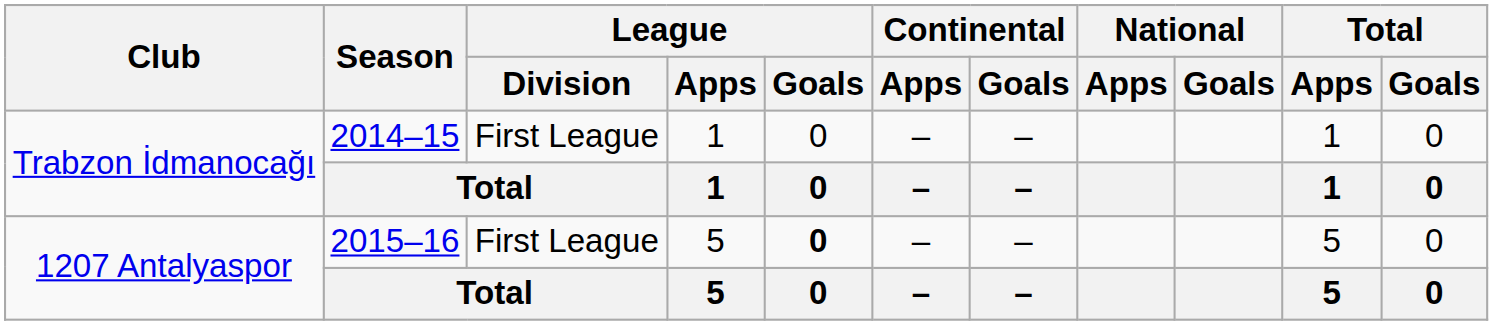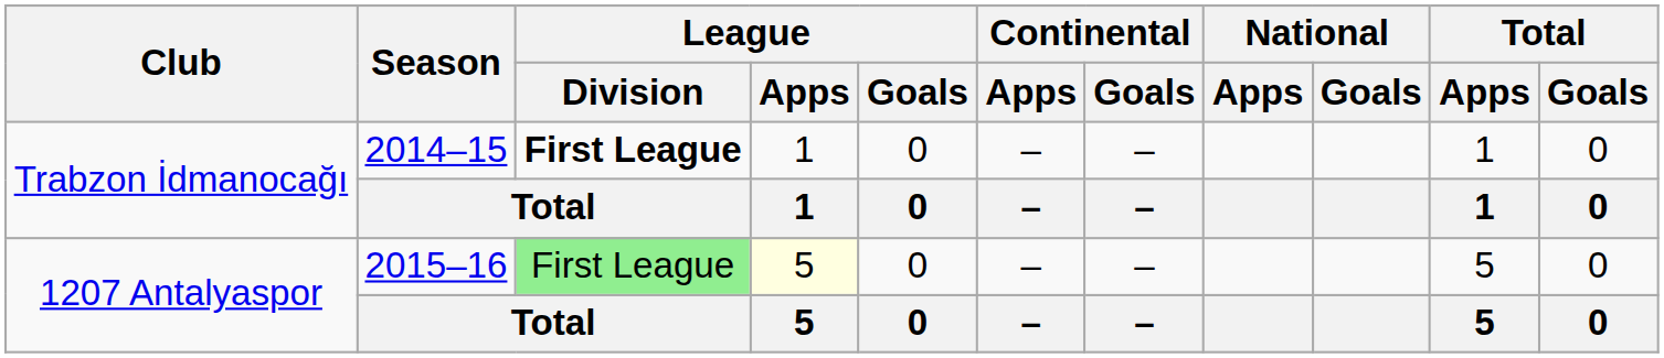 <table class="wikitable" style="text-align: center;">
 <tr>
 <th rowspan="2">Club</th>
 <th rowspan="2">Season</th>
 <th colspan="3">League</th>
 <th colspan="2">Continental</th>
 <th colspan="2">National</th>
 <th colspan="2">Total</th>
 </tr>
 <tr>
 <th>Division</th>
 <th>Apps</th>
 <th>Goals</th>
 <th>Apps</th>
 <th>Goals</th>
 <th>Apps</th>
 <th>Goals</th>
 <th>Apps</th>
 <th>Goals</th>
 </tr>
 <tr>
 <td rowspan=2><a href='#'>Trabzon İdmanocağı</a></td>
 <td><a href='#'>2014–15</a></td>
-<td>First League</td>
+<td><strong>First League</strong></td>
 <td>1</td>
 <td>0</td>
 <td>–</td>
 <td>–</td>
 <td></td>
 <td></td>
 <td>1</td>
 <td>0</td>
 </tr>
 <tr>
 <th colspan="2">Total</th>
 <th>1</th>
 <th>0</th>
 <th>–</th>
 <th>–</th>
 <th></th>
 <th></th>
 <th>1</th>
 <th>0</th>
 </tr>
 <tr>
 <td rowspan=2><a href='#'>1207 Antalyaspor</a></td>
 <td><a href='#'>2015–16</a></td>
-<td>First League</td>
-<td>5</td>
-<td><strong>0</strong></td>
+<td style="background: lightgreen;">First League</td>
+<td style="background: lightyellow;">5</td>
+<td>0</td>
 <td>–</td>
 <td>–</td>
 <td></td>
 <td></td>
 <td>5</td>
 <td>0</td>
 </tr>
 <tr>
 <th colspan="2">Total</th>
 <th>5</th>
 <th>0</th>
 <th>–</th>
 <th>–</th>
 <th></th>
 <th></th>
 <th>5</th>
 <th>0</th>
 </tr>
 </table>
